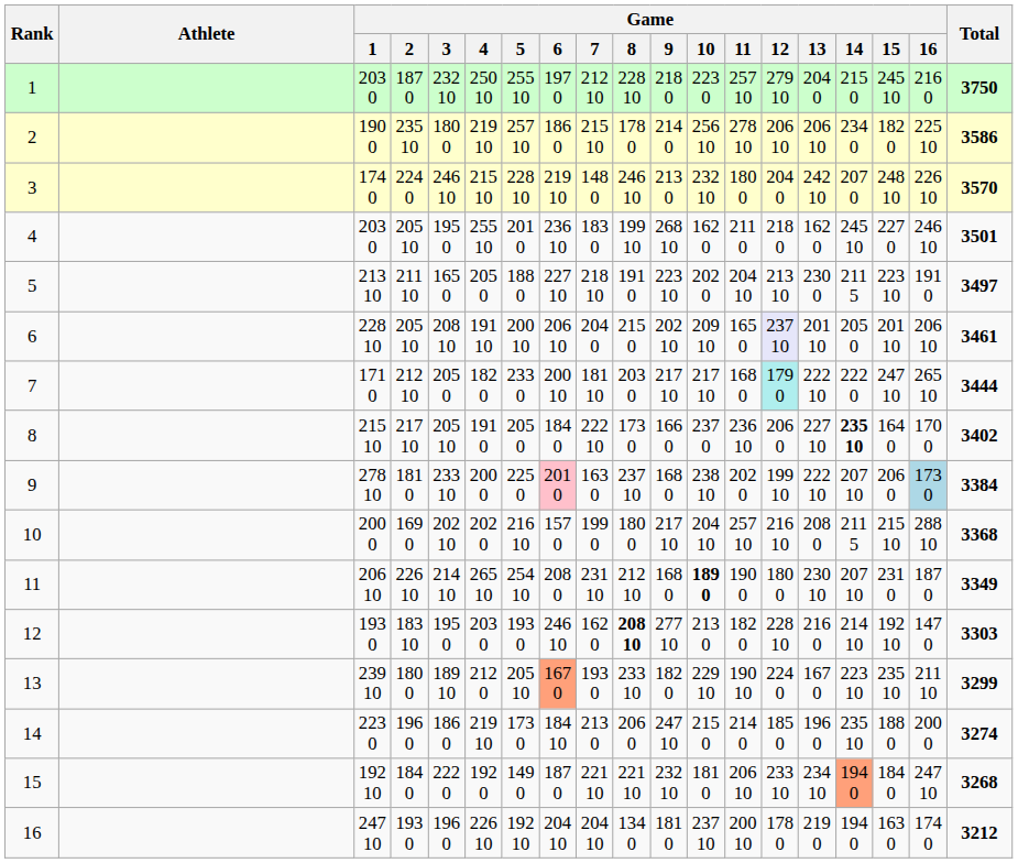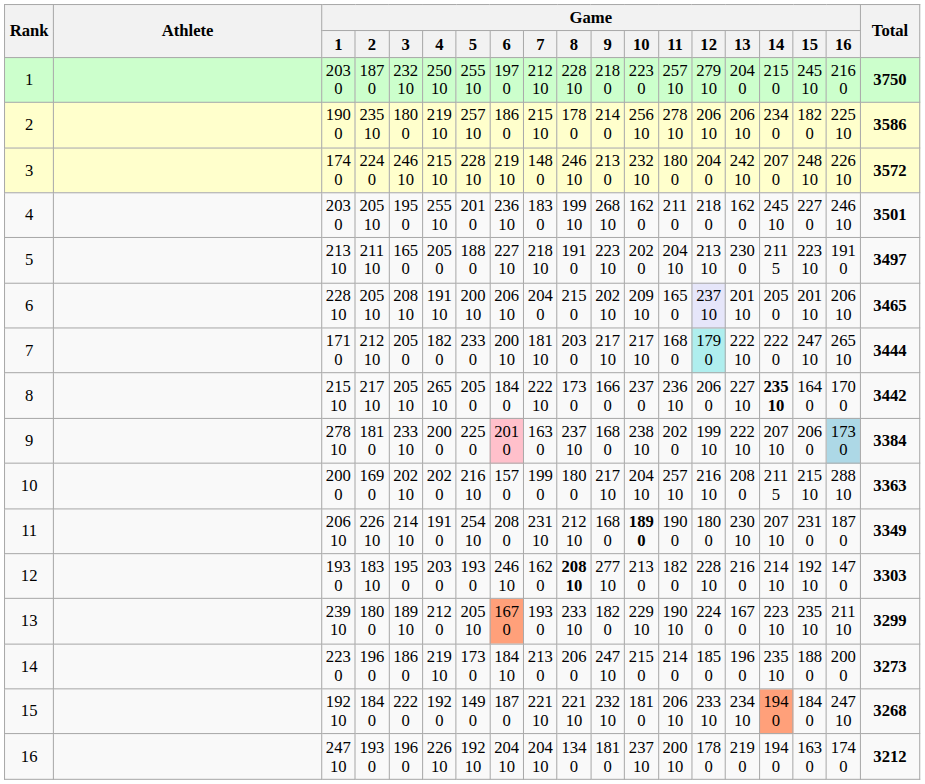 <table class=wikitable style="text-align:center">
 <tr>
 <th rowspan="2" width=40>Rank</th>
 <th rowspan="2" width=250>Athlete</th>
 <th colspan="16">Game</th>
 <th rowspan="2" width=50>Total</th>
 </tr>
 <tr>
 <th width=25>1</th>
 <th width=25>2</th>
 <th width=25>3</th>
 <th width=25>4</th>
 <th width=25>5</th>
 <th width=25>6</th>
 <th width=25>7</th>
 <th width=25>8</th>
 <th width=25>9</th>
 <th width=25>10</th>
 <th width=25>11</th>
 <th width=25>12</th>
 <th width=25>13</th>
 <th width=25>14</th>
 <th width=25>15</th>
 <th width=25>16</th>
 </tr>
 <tr bgcolor="#ccffcc">
 <td>1</td>
 <td align=left></td>
 <td>203<br>0</td>
 <td>187<br>0</td>
 <td>232<br>10</td>
 <td>250<br>10</td>
 <td>255<br>10</td>
 <td>197<br>0</td>
 <td>212<br>10</td>
 <td>228<br>10</td>
 <td>218<br>0</td>
 <td>223<br>0</td>
 <td>257<br>10</td>
 <td>279<br>10</td>
 <td>204<br>0</td>
 <td>215<br>0</td>
 <td>245<br>10</td>
 <td>216<br>0</td>
 <td><strong>3750</strong></td>
 </tr>
 <tr bgcolor="#ffffcc">
 <td>2</td>
 <td align=left></td>
 <td>190<br>0</td>
 <td>235<br>10</td>
 <td>180<br>0</td>
 <td>219<br>10</td>
 <td>257<br>10</td>
 <td>186<br>0</td>
 <td>215<br>10</td>
 <td>178<br>0</td>
 <td>214<br>0</td>
 <td>256<br>10</td>
 <td>278<br>10</td>
 <td>206<br>10</td>
 <td>206<br>10</td>
 <td>234<br>0</td>
 <td>182<br>0</td>
 <td>225<br>10</td>
 <td><strong>3586</strong></td>
 </tr>
 <tr bgcolor="#ffffcc">
 <td>3</td>
 <td align=left></td>
 <td>174<br>0</td>
 <td>224<br>0</td>
 <td>246<br>10</td>
 <td>215<br>10</td>
 <td>228<br>10</td>
 <td>219<br>10</td>
 <td>148<br>0</td>
 <td>246<br>10</td>
 <td>213<br>0</td>
 <td>232<br>10</td>
 <td>180<br>0</td>
 <td>204<br>0</td>
 <td>242<br>10</td>
 <td>207<br>0</td>
 <td>248<br>10</td>
 <td>226<br>10</td>
-<td><strong>3570</strong></td>
+<td><strong>3572</strong></td>
 </tr>
 <tr>
 <td>4</td>
 <td align=left></td>
 <td>203<br>0</td>
 <td>205<br>10</td>
 <td>195<br>0</td>
 <td>255<br>10</td>
 <td>201<br>0</td>
 <td>236<br>10</td>
 <td>183<br>0</td>
 <td>199<br>10</td>
 <td>268<br>10</td>
 <td>162<br>0</td>
 <td>211<br>0</td>
 <td>218<br>0</td>
 <td>162<br>0</td>
 <td>245<br>10</td>
 <td>227<br>0</td>
 <td>246<br>10</td>
 <td><strong>3501</strong></td>
 </tr>
 <tr>
 <td>5</td>
 <td align=left></td>
 <td>213<br>10</td>
 <td>211<br>10</td>
 <td>165<br>0</td>
 <td>205<br>0</td>
 <td>188<br>0</td>
 <td>227<br>10</td>
 <td>218<br>10</td>
 <td>191<br>0</td>
 <td>223<br>10</td>
 <td>202<br>0</td>
 <td>204<br>10</td>
 <td>213<br>10</td>
 <td>230<br>0</td>
 <td>211<br>5</td>
 <td>223<br>10</td>
 <td>191<br>0</td>
 <td><strong>3497</strong></td>
 </tr>
 <tr>
 <td>6</td>
 <td align=left></td>
 <td>228<br>10</td>
 <td>205<br>10</td>
 <td>208<br>10</td>
 <td>191<br>10</td>
 <td>200<br>10</td>
 <td>206<br>10</td>
 <td>204<br>0</td>
 <td>215<br>0</td>
 <td>202<br>10</td>
 <td>209<br>10</td>
 <td>165<br>0</td>
 <td style="background: lavender;">237<br>10</td>
 <td>201<br>10</td>
 <td>205<br>0</td>
 <td>201<br>10</td>
 <td>206<br>10</td>
-<td><strong>3461</strong></td>
+<td><strong>3465</strong></td>
 </tr>
 <tr>
 <td>7</td>
 <td align=left></td>
 <td>171<br>0</td>
 <td>212<br>10</td>
 <td>205<br>0</td>
 <td>182<br>0</td>
 <td>233<br>0</td>
 <td>200<br>10</td>
 <td>181<br>10</td>
 <td>203<br>0</td>
 <td>217<br>10</td>
 <td>217<br>10</td>
 <td>168<br>0</td>
 <td style="background: paleturquoise;">179<br>0</td>
 <td>222<br>10</td>
 <td>222<br>0</td>
 <td>247<br>10</td>
 <td>265<br>10</td>
 <td><strong>3444</strong></td>
 </tr>
 <tr>
 <td>8</td>
 <td align=left></td>
 <td>215<br>10</td>
 <td>217<br>10</td>
 <td>205<br>10</td>
-<td>191<br>0</td>
+<td>265<br>10</td>
 <td>205<br>0</td>
 <td>184<br>0</td>
 <td>222<br>10</td>
 <td>173<br>0</td>
 <td>166<br>0</td>
 <td>237<br>0</td>
 <td>236<br>10</td>
 <td>206<br>0</td>
 <td>227<br>10</td>
 <td><strong>235<br>10</strong></td>
 <td>164<br>0</td>
 <td>170<br>0</td>
-<td><strong>3402</strong></td>
+<td><strong>3442</strong></td>
 </tr>
 <tr>
 <td>9</td>
 <td align=left></td>
 <td>278<br>10</td>
 <td>181<br>0</td>
 <td>233<br>10</td>
 <td>200<br>0</td>
 <td>225<br>0</td>
 <td style="background: pink;">201<br>0</td>
 <td>163<br>0</td>
 <td>237<br>10</td>
 <td>168<br>0</td>
 <td>238<br>10</td>
 <td>202<br>0</td>
 <td>199<br>10</td>
 <td>222<br>10</td>
 <td>207<br>10</td>
 <td>206<br>0</td>
 <td style="background: lightblue;">173<br>0</td>
 <td><strong>3384</strong></td>
 </tr>
 <tr>
 <td>10</td>
 <td align=left></td>
 <td>200<br>0</td>
 <td>169<br>0</td>
 <td>202<br>10</td>
 <td>202<br>0</td>
 <td>216<br>10</td>
 <td>157<br>0</td>
 <td>199<br>0</td>
 <td>180<br>0</td>
 <td>217<br>10</td>
 <td>204<br>10</td>
 <td>257<br>10</td>
 <td>216<br>10</td>
 <td>208<br>0</td>
 <td>211<br>5</td>
 <td>215<br>10</td>
 <td>288<br>10</td>
-<td><strong>3368</strong></td>
+<td><strong>3363</strong></td>
 </tr>
 <tr>
 <td>11</td>
 <td align=left></td>
 <td>206<br>10</td>
 <td>226<br>10</td>
 <td>214<br>10</td>
-<td>265<br>10</td>
+<td>191<br>0</td>
 <td>254<br>10</td>
 <td>208<br>0</td>
 <td>231<br>10</td>
 <td>212<br>10</td>
 <td>168<br>0</td>
 <td><strong>189<br>0</strong></td>
 <td>190<br>0</td>
 <td>180<br>0</td>
 <td>230<br>10</td>
 <td>207<br>10</td>
 <td>231<br>0</td>
 <td>187<br>0</td>
 <td><strong>3349</strong></td>
 </tr>
 <tr>
 <td>12</td>
 <td align=left></td>
 <td>193<br>0</td>
 <td>183<br>10</td>
 <td>195<br>0</td>
 <td>203<br>0</td>
 <td>193<br>0</td>
 <td>246<br>10</td>
 <td>162<br>0</td>
 <td><strong>208<br>10</strong></td>
 <td>277<br>10</td>
 <td>213<br>0</td>
 <td>182<br>0</td>
 <td>228<br>10</td>
 <td>216<br>0</td>
 <td>214<br>10</td>
 <td>192<br>10</td>
 <td>147<br>0</td>
 <td><strong>3303</strong></td>
 </tr>
 <tr>
 <td>13</td>
 <td align=left></td>
 <td>239<br>10</td>
 <td>180<br>0</td>
 <td>189<br>10</td>
 <td>212<br>0</td>
 <td>205<br>10</td>
 <td style="background: lightsalmon;">167<br>0</td>
 <td>193<br>0</td>
 <td>233<br>10</td>
 <td>182<br>0</td>
 <td>229<br>10</td>
 <td>190<br>10</td>
 <td>224<br>0</td>
 <td>167<br>0</td>
 <td>223<br>10</td>
 <td>235<br>10</td>
 <td>211<br>10</td>
 <td><strong>3299</strong></td>
 </tr>
 <tr>
 <td>14</td>
 <td align=left></td>
 <td>223<br>0</td>
 <td>196<br>0</td>
 <td>186<br>0</td>
 <td>219<br>10</td>
 <td>173<br>0</td>
 <td>184<br>10</td>
 <td>213<br>0</td>
 <td>206<br>0</td>
 <td>247<br>10</td>
 <td>215<br>0</td>
 <td>214<br>0</td>
 <td>185<br>0</td>
 <td>196<br>0</td>
 <td>235<br>10</td>
 <td>188<br>0</td>
 <td>200<br>0</td>
-<td><strong>3274</strong></td>
+<td><strong>3273</strong></td>
 </tr>
 <tr>
 <td>15</td>
 <td align=left></td>
 <td>192<br>10</td>
 <td>184<br>0</td>
 <td>222<br>0</td>
 <td>192<br>0</td>
 <td>149<br>0</td>
 <td>187<br>0</td>
 <td>221<br>10</td>
 <td>221<br>10</td>
 <td>232<br>10</td>
 <td>181<br>0</td>
 <td>206<br>10</td>
 <td>233<br>10</td>
 <td>234<br>10</td>
 <td style="background: lightsalmon;">194<br>0</td>
 <td>184<br>0</td>
 <td>247<br>10</td>
 <td><strong>3268</strong></td>
 </tr>
 <tr>
 <td>16</td>
 <td align=left></td>
 <td>247<br>10</td>
 <td>193<br>0</td>
 <td>196<br>0</td>
 <td>226<br>10</td>
 <td>192<br>10</td>
 <td>204<br>10</td>
 <td>204<br>10</td>
 <td>134<br>0</td>
 <td>181<br>0</td>
 <td>237<br>10</td>
 <td>200<br>10</td>
 <td>178<br>0</td>
 <td>219<br>0</td>
 <td>194<br>0</td>
 <td>163<br>0</td>
 <td>174<br>0</td>
 <td><strong>3212</strong></td>
 </tr>
 </table>
